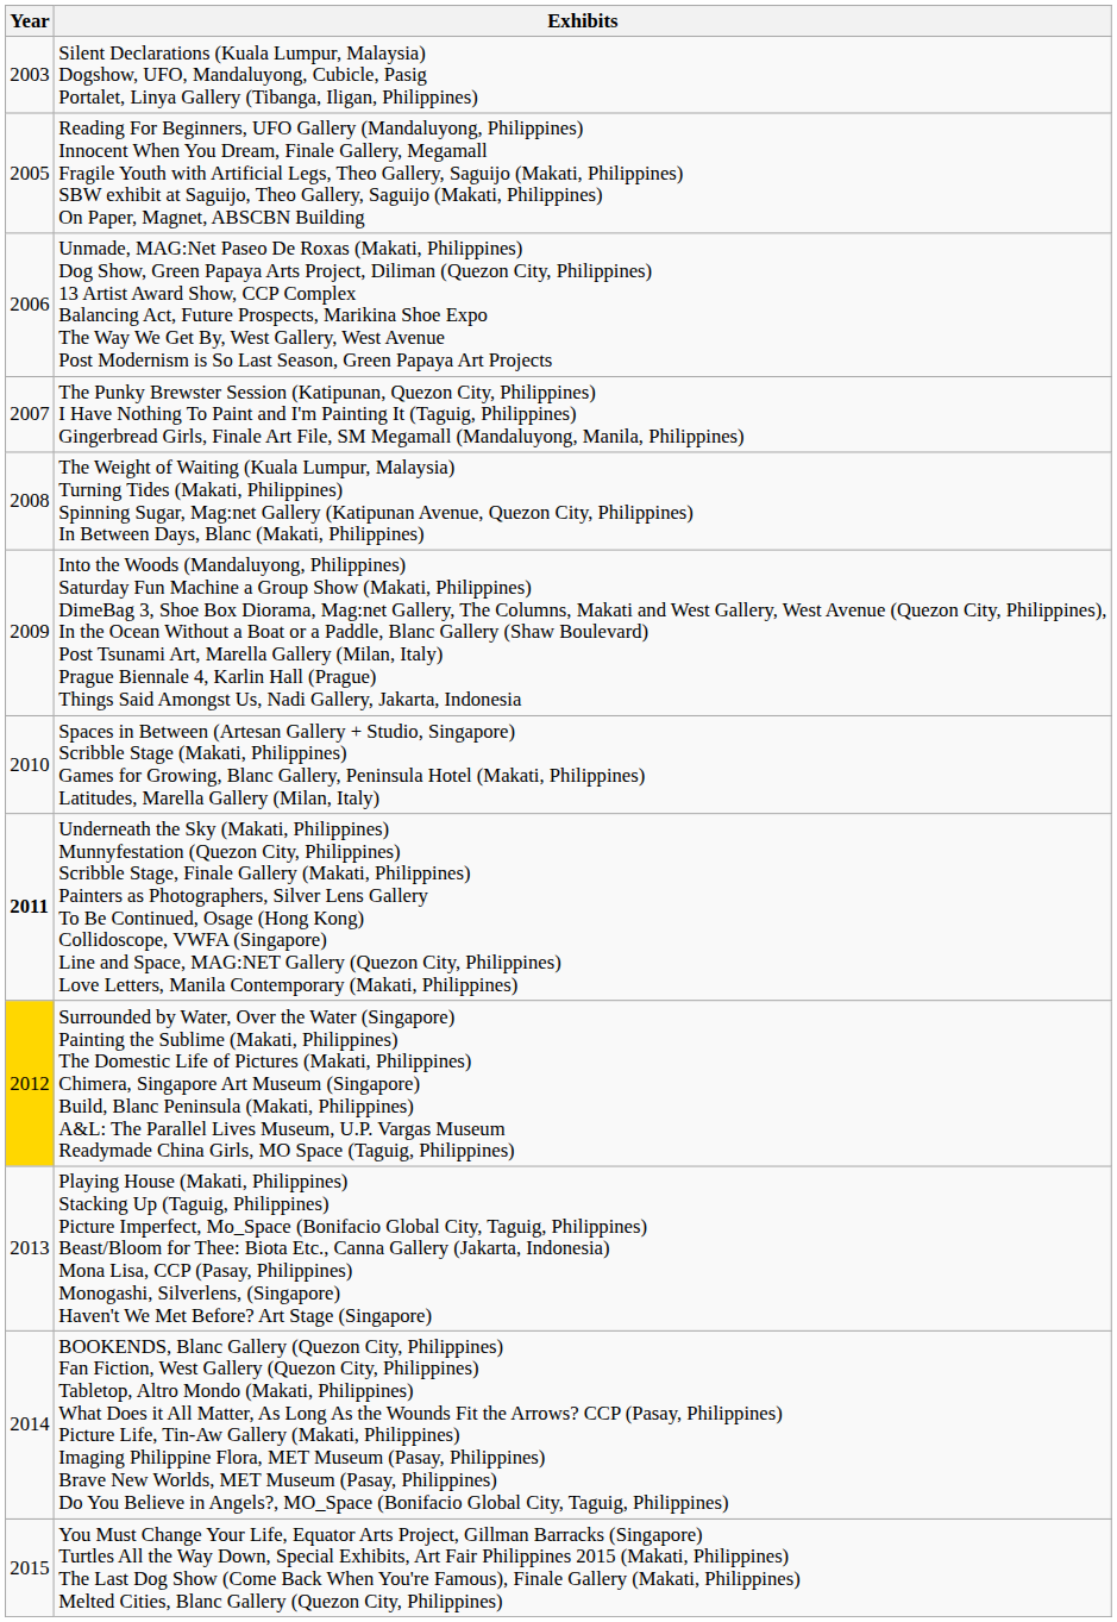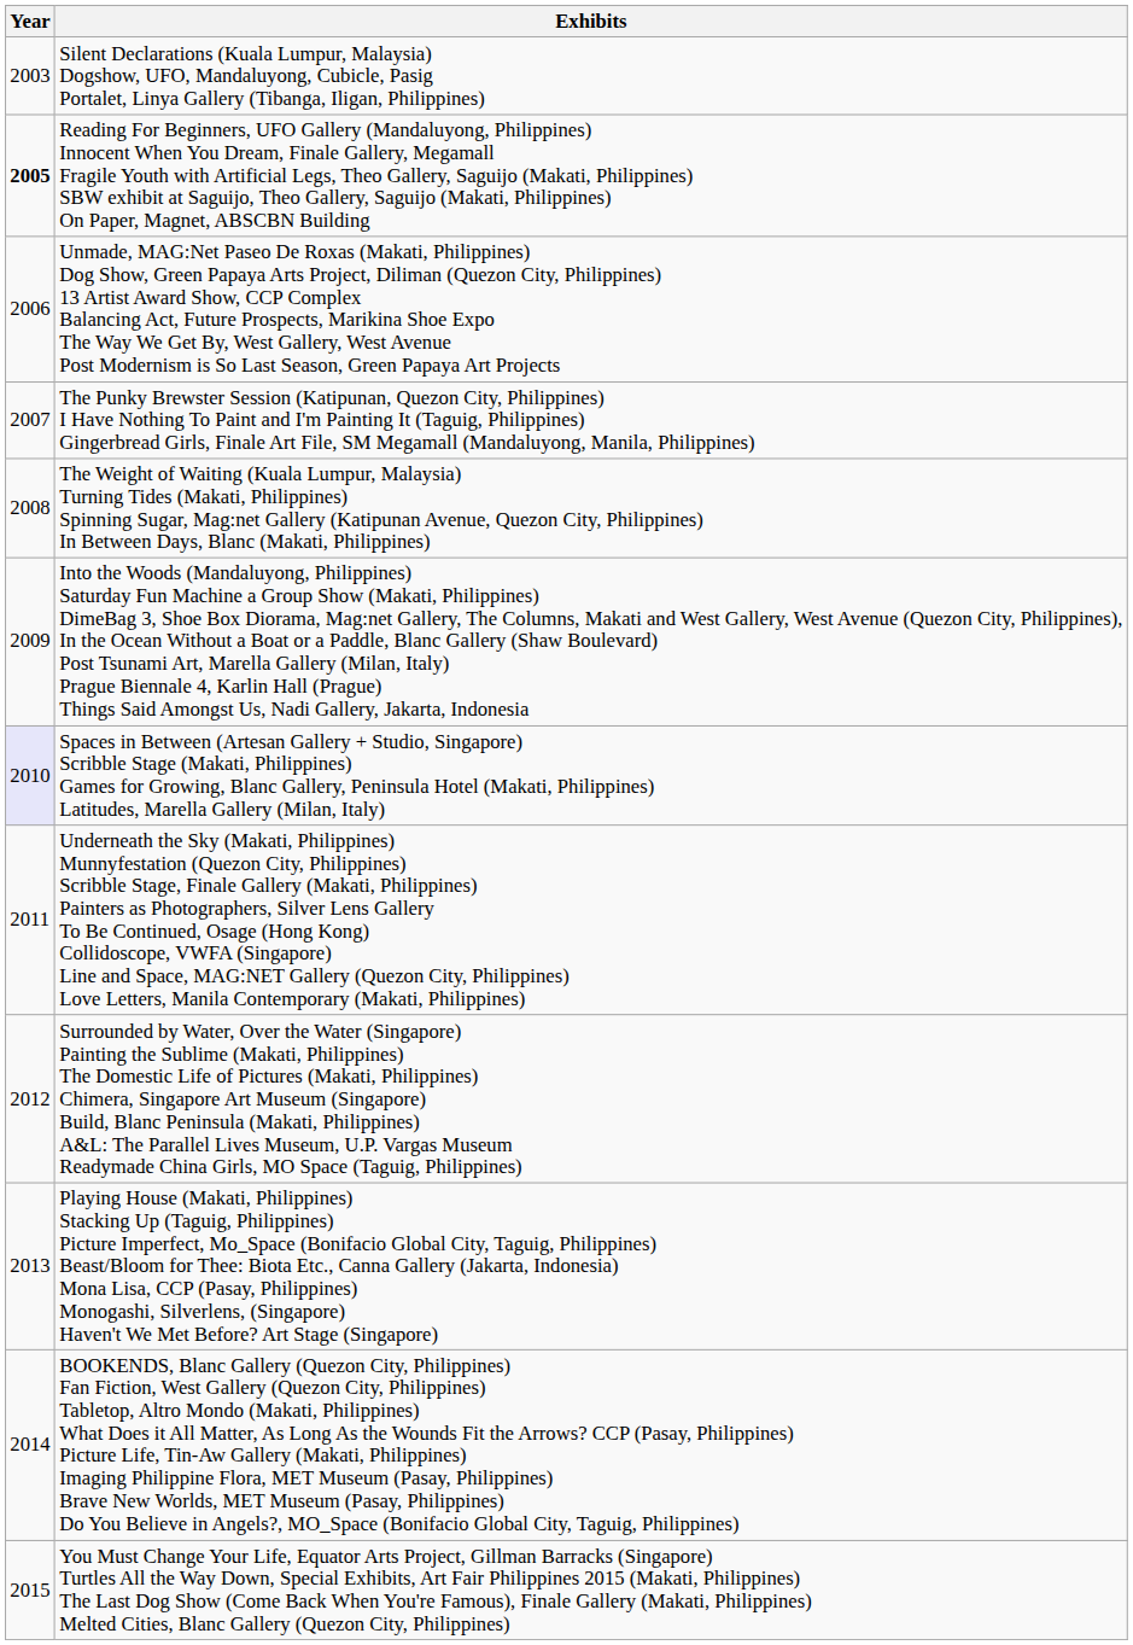 <table class="wikitable">
 <tr>
 <th>Year</th>
 <th>Exhibits</th>
 </tr>
 <tr>
 <td>2003</td>
 <td>Silent Declarations (Kuala Lumpur, Malaysia)<br>Dogshow, UFO, Mandaluyong, Cubicle, Pasig<br>Portalet, Linya Gallery (Tibanga, Iligan, Philippines)</td>
 </tr>
 <tr>
-<td>2005</td>
+<td><strong>2005</strong></td>
 <td>Reading For Beginners, UFO Gallery (Mandaluyong, Philippines)<br>Innocent When You Dream, Finale Gallery, Megamall<br>Fragile Youth with Artificial Legs, Theo Gallery, Saguijo (Makati, Philippines)<br>SBW exhibit at Saguijo, Theo Gallery, Saguijo (Makati, Philippines)<br>On Paper, Magnet, ABSCBN Building<br></td>
 </tr>
 <tr>
 <td>2006</td>
 <td>Unmade, MAG:Net Paseo De Roxas (Makati, Philippines)<br>Dog Show, Green Papaya Arts Project, Diliman (Quezon City, Philippines)<br>13 Artist Award Show, CCP Complex<br>Balancing Act, Future Prospects, Marikina Shoe Expo<br>The Way We Get By, West Gallery, West Avenue<br>Post Modernism is So Last Season, Green Papaya Art Projects</td>
 </tr>
 <tr>
 <td>2007</td>
 <td>The Punky Brewster Session (Katipunan, Quezon City, Philippines)<br>I Have Nothing To Paint and I'm Painting It (Taguig, Philippines)<br>Gingerbread Girls, Finale Art File, SM Megamall (Mandaluyong, Manila, Philippines)</td>
 </tr>
 <tr>
 <td>2008</td>
 <td>The Weight of Waiting (Kuala Lumpur, Malaysia)<br>Turning Tides (Makati, Philippines)<br>Spinning Sugar, Mag:net Gallery (Katipunan Avenue, Quezon City, Philippines)<br>In Between Days, Blanc (Makati, Philippines)</td>
 </tr>
 <tr>
 <td>2009</td>
 <td>Into the Woods (Mandaluyong, Philippines)<br>Saturday Fun Machine a Group Show (Makati, Philippines)<br>DimeBag 3, Shoe Box Diorama, Mag:net Gallery, The Columns, Makati and West Gallery, West Avenue (Quezon City, Philippines),<br>In the Ocean Without a Boat or a Paddle, Blanc Gallery (Shaw Boulevard)<br>Post Tsunami Art, Marella Gallery (Milan, Italy)<br>Prague Biennale 4, Karlin Hall (Prague)<br>Things Said Amongst Us, Nadi Gallery, Jakarta, Indonesia</td>
 </tr>
 <tr>
-<td>2010</td>
+<td style="background: lavender;">2010</td>
 <td>Spaces in Between (Artesan Gallery + Studio, Singapore)<br>Scribble Stage (Makati, Philippines)<br>Games for Growing, Blanc Gallery, Peninsula Hotel (Makati, Philippines)<br>Latitudes, Marella Gallery (Milan, Italy)</td>
 </tr>
 <tr>
-<td><strong>2011</strong></td>
+<td>2011</td>
 <td>Underneath the Sky (Makati, Philippines)<br>Munnyfestation (Quezon City, Philippines)<br>Scribble Stage, Finale Gallery (Makati, Philippines)<br>Painters as Photographers, Silver Lens Gallery<br>To Be Continued, Osage (Hong Kong)<br>Collidoscope, VWFA (Singapore)<br>Line and Space, MAG:NET Gallery (Quezon City, Philippines)<br>Love Letters, Manila Contemporary (Makati, Philippines)</td>
 </tr>
 <tr>
-<td style="background: gold;">2012</td>
+<td>2012</td>
 <td>Surrounded by Water, Over the Water (Singapore)<br>Painting the Sublime (Makati, Philippines)<br>The Domestic Life of Pictures (Makati, Philippines)<br>Chimera, Singapore Art Museum (Singapore)<br>Build, Blanc Peninsula (Makati, Philippines)<br>A&L: The Parallel Lives Museum, U.P. Vargas Museum<br>Readymade China Girls, MO Space (Taguig, Philippines)</td>
 </tr>
 <tr>
 <td>2013</td>
 <td>Playing House (Makati, Philippines)<br>Stacking Up (Taguig, Philippines)<br>Picture Imperfect, Mo_Space (Bonifacio Global City, Taguig, Philippines)<br>Beast/Bloom for Thee: Biota Etc., Canna Gallery (Jakarta, Indonesia)<br>Mona Lisa, CCP (Pasay, Philippines)<br>Monogashi, Silverlens, (Singapore)<br>Haven't We Met Before? Art Stage (Singapore)</td>
 </tr>
 <tr>
 <td>2014</td>
 <td>BOOKENDS, Blanc Gallery (Quezon City, Philippines)<br> Fan Fiction, West Gallery (Quezon City, Philippines)<br>Tabletop, Altro Mondo (Makati, Philippines)<br>What Does it All Matter, As Long As the Wounds Fit the Arrows? CCP (Pasay, Philippines)<br>Picture Life, Tin-Aw Gallery (Makati, Philippines)<br>Imaging  Philippine Flora, MET Museum (Pasay, Philippines)<br>Brave New Worlds, MET Museum (Pasay, Philippines)<br>Do You Believe in Angels?, MO_Space (Bonifacio Global City, Taguig, Philippines)</td>
 </tr>
 <tr>
 <td>2015</td>
 <td>You Must Change Your Life, Equator Arts Project, Gillman Barracks (Singapore)<br>Turtles All the Way Down, Special Exhibits, Art Fair Philippines 2015 (Makati, Philippines)<br>The Last Dog Show (Come Back When You're Famous), Finale Gallery (Makati, Philippines)<br>Melted Cities, Blanc Gallery (Quezon City, Philippines)</td>
 </tr>
 </table>
